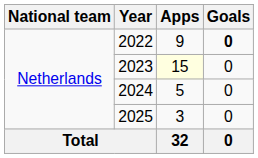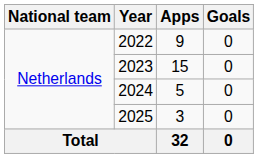 <table class="wikitable" style="text-align:center">
 <tr>
 <th>National team</th>
 <th>Year</th>
 <th>Apps</th>
 <th>Goals</th>
 </tr>
 <tr>
 <td rowspan="4"><a href='#'>Netherlands</a></td>
 <td>2022</td>
 <td>9</td>
-<td><strong>0</strong></td>
+<td>0</td>
 </tr>
 <tr>
 <td>2023</td>
-<td style="background: lightyellow;">15</td>
+<td>15</td>
 <td>0</td>
 </tr>
 <tr>
 <td>2024</td>
 <td>5</td>
 <td>0</td>
 </tr>
 <tr>
 <td>2025</td>
 <td>3</td>
 <td>0</td>
 </tr>
 <tr>
 <th colspan="2">Total</th>
 <th>32</th>
 <th>0</th>
 </tr>
 </table>
